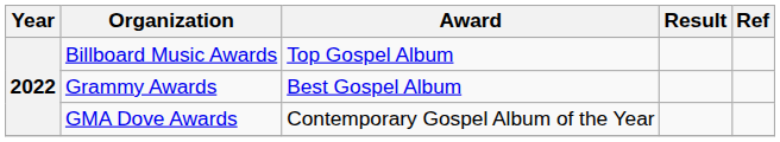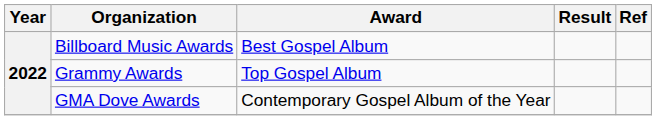 <table class="wikitable plainrowheaders">
 <tr>
 <th>Year</th>
 <th>Organization</th>
 <th>Award</th>
 <th>Result</th>
 <th>Ref</th>
 </tr>
 <tr>
 <th scope="row" rowspan="3">2022</th>
 <td><a href='#'>Billboard Music Awards</a></td>
-<td><a href='#'>Top Gospel Album</a></td>
+<td><a href='#'>Best Gospel Album</a></td>
 <td></td>
 <td></td>
 </tr>
 <tr>
 <td><a href='#'>Grammy Awards</a></td>
-<td><a href='#'>Best Gospel Album</a></td>
+<td><a href='#'>Top Gospel Album</a></td>
 <td></td>
 <td></td>
 </tr>
 <tr>
 <td><a href='#'>GMA Dove Awards</a></td>
 <td>Contemporary Gospel Album of the Year</td>
 <td></td>
 <td></td>
 </tr>
 <tr>
 </tr>
 </table>
